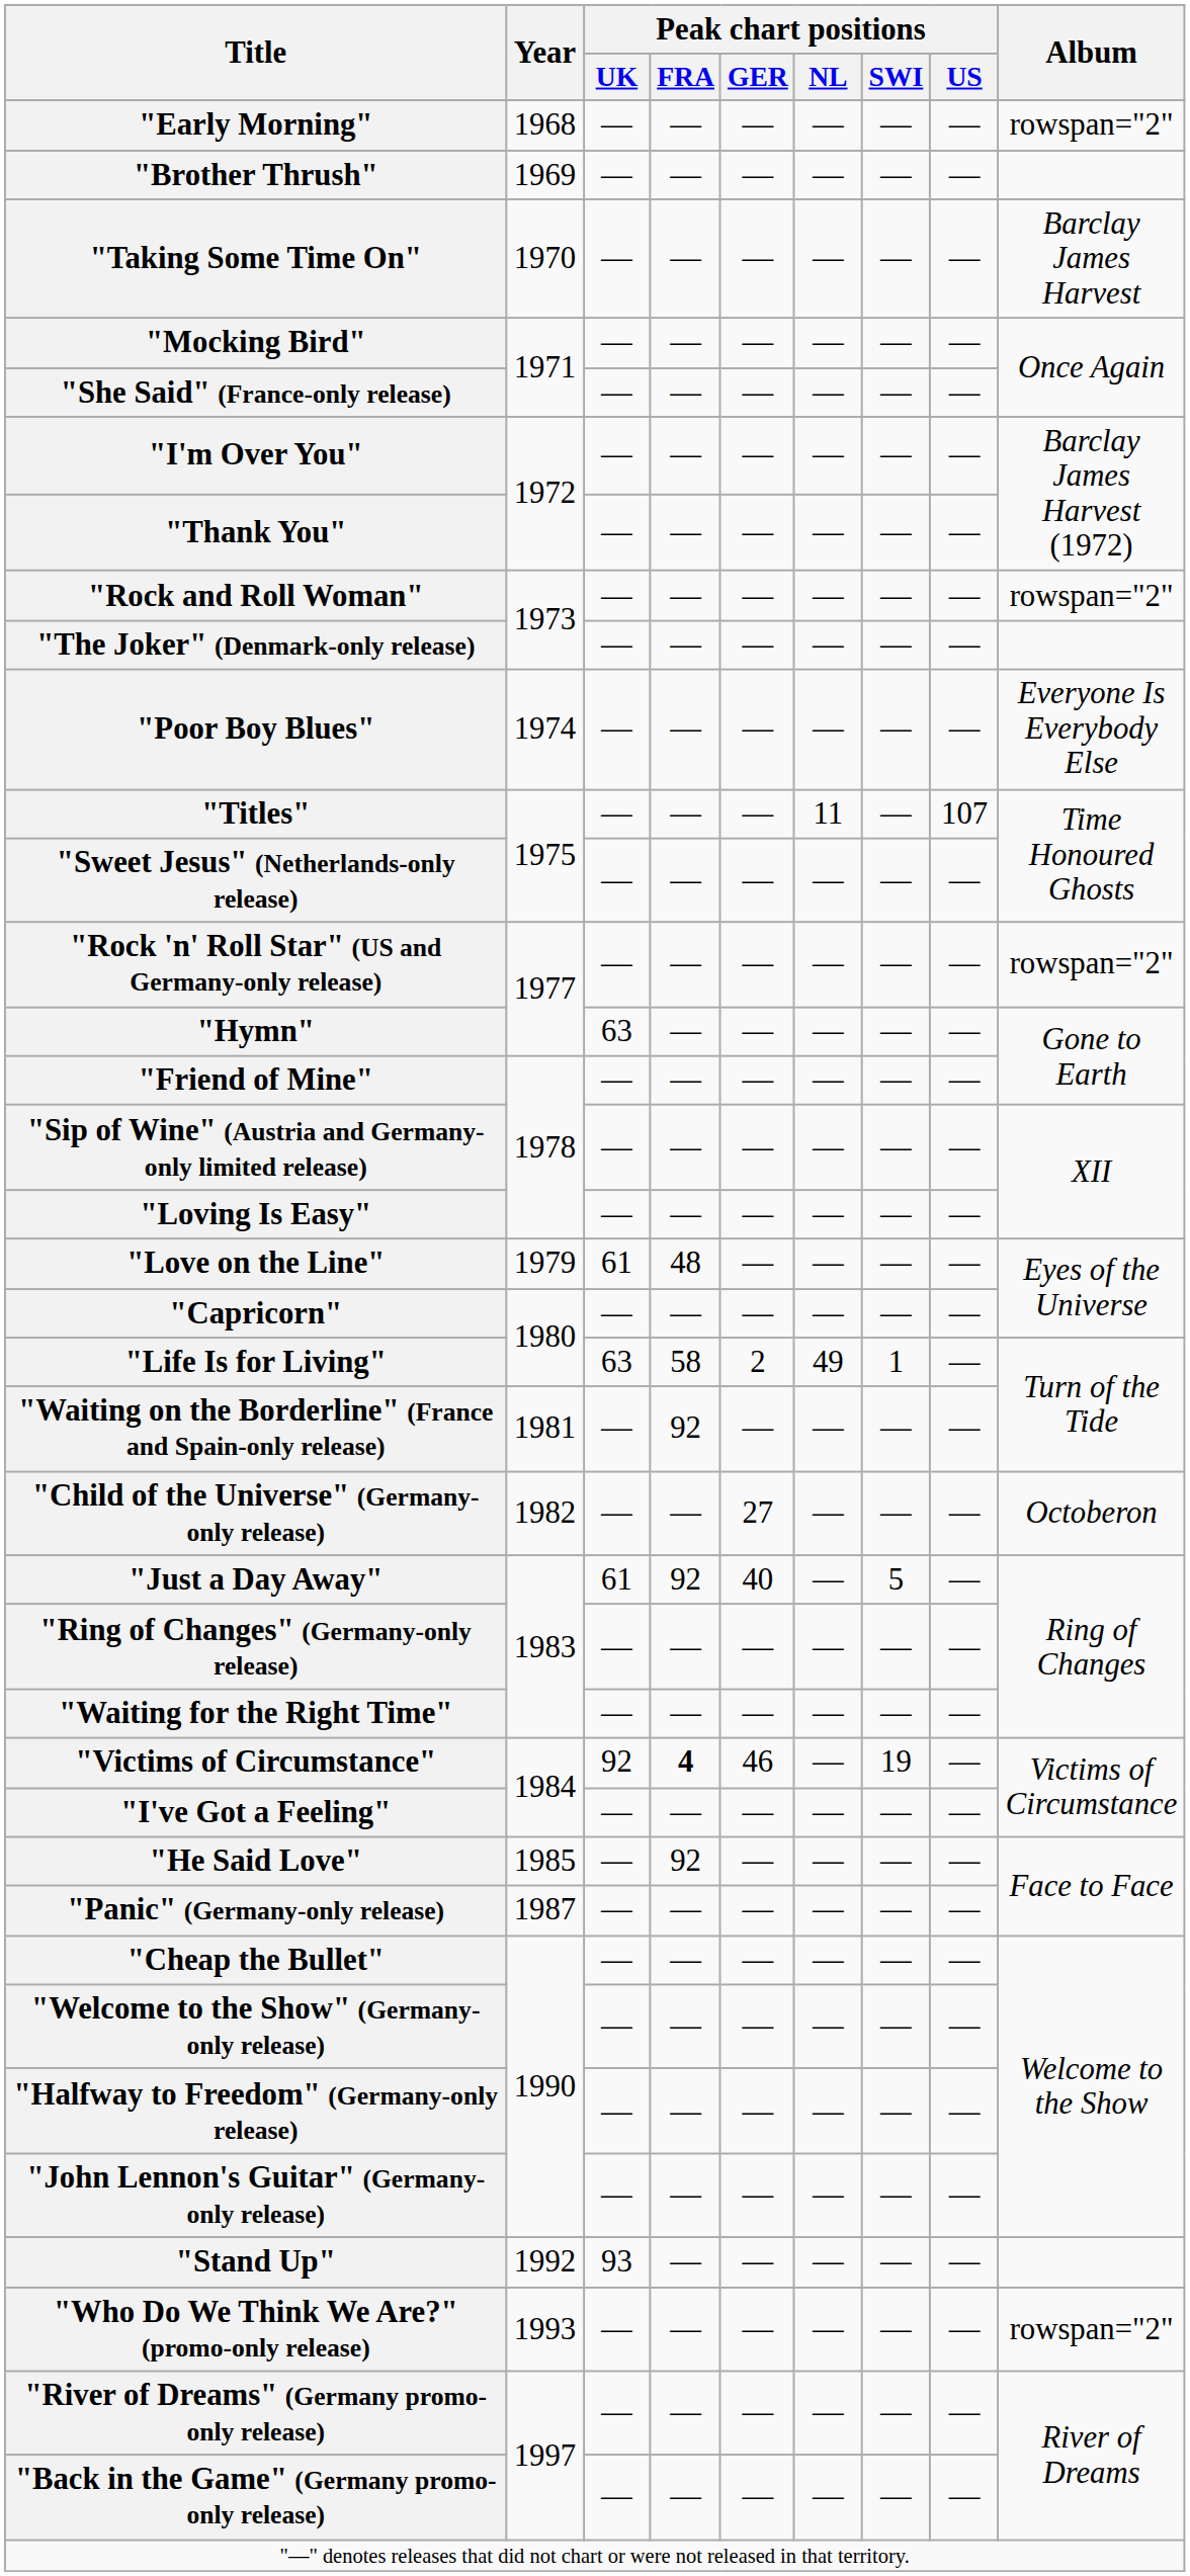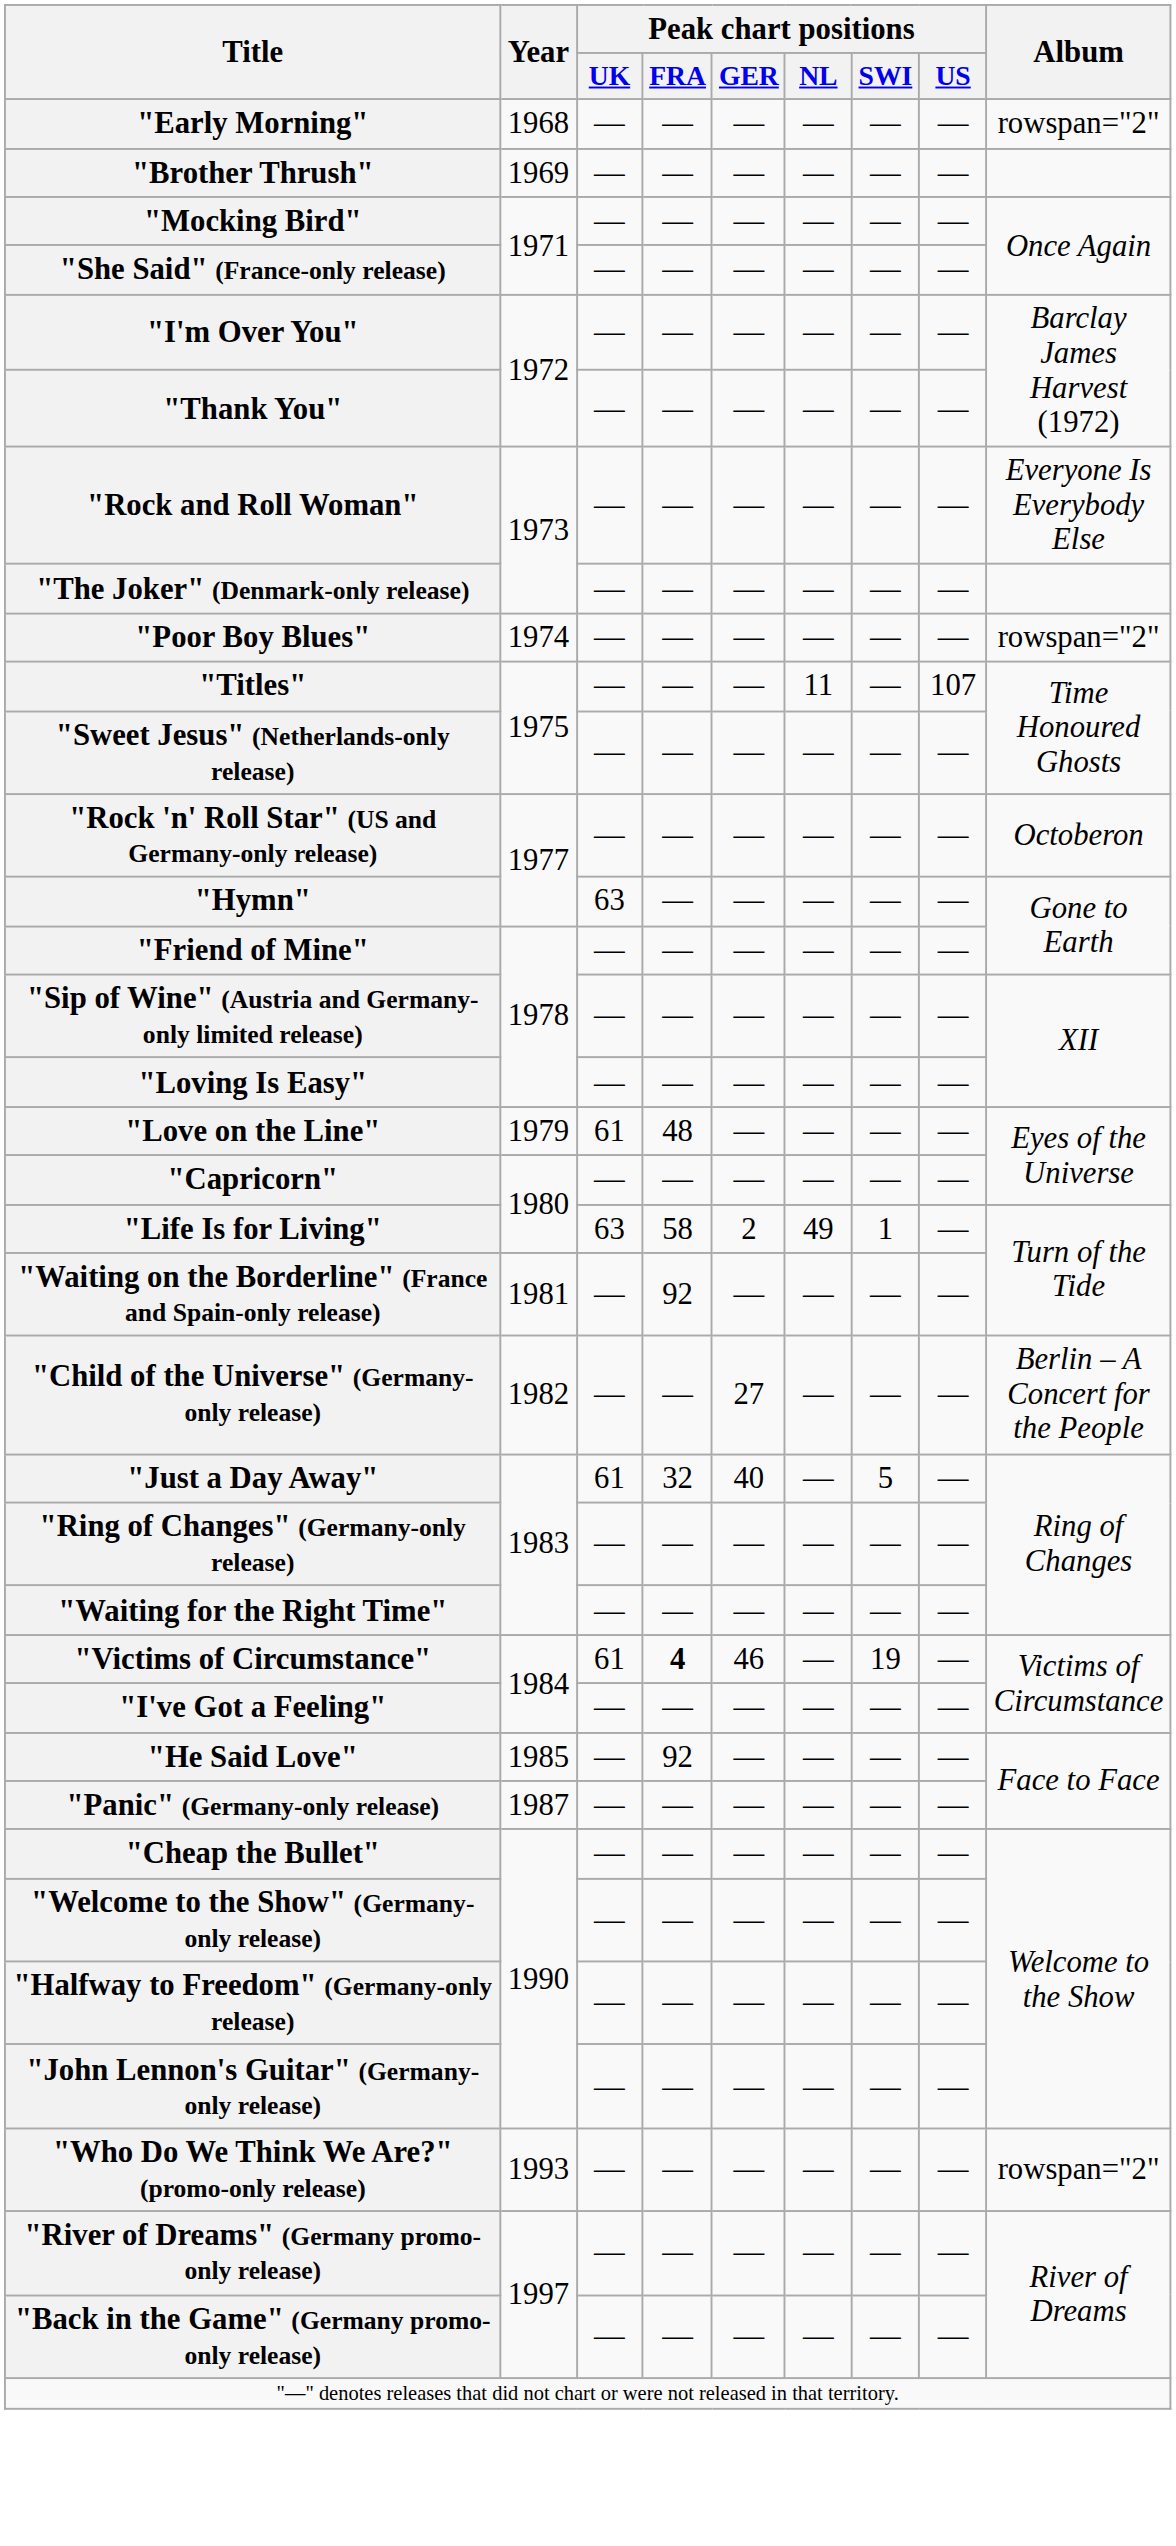 <table class="wikitable plainrowheaders" style="text-align:center;">
 <tr>
 <th rowspan="2" scope="col" style="width:17em;">Title</th>
 <th rowspan="2" scope="col" style="width:2em;">Year</th>
 <th colspan="6">Peak chart positions</th>
 <th rowspan="2">Album</th>
 </tr>
 <tr>
 <th scope="col" style="width:2em;font-size:90%;"><a href='#'>UK</a><br></th>
 <th scope="col" style="width:2em;font-size:90%;"><a href='#'>FRA</a><br></th>
 <th scope="col" style="width:2em;font-size:90%;"><a href='#'>GER</a><br></th>
 <th scope="col" style="width:2em;font-size:90%;"><a href='#'>NL</a><br></th>
 <th scope="col" style="width:2em;font-size:90%;"><a href='#'>SWI</a><br></th>
 <th scope="col" style="width:2em;font-size:90%;"><a href='#'>US</a><br></th>
 </tr>
 <tr>
 <th scope="row">"Early Morning"</th>
 <td>1968</td>
 <td>—</td>
 <td>—</td>
 <td>—</td>
 <td>—</td>
 <td>—</td>
 <td>—</td>
 <td>rowspan="2" </td>
 </tr>
 <tr>
 <th scope="row">"Brother Thrush"</th>
 <td>1969</td>
 <td>—</td>
 <td>—</td>
 <td>—</td>
 <td>—</td>
 <td>—</td>
 <td>—</td>
-</tr>
-<tr>
-<th scope="row">"Taking Some Time On"</th>
-<td>1970</td>
-<td>—</td>
-<td>—</td>
-<td>—</td>
-<td>—</td>
-<td>—</td>
-<td>—</td>
-<td><em>Barclay James Harvest</em></td>
 </tr>
 <tr>
 <th scope="row">"Mocking Bird"</th>
 <td rowspan="2">1971</td>
 <td>—</td>
 <td>—</td>
 <td>—</td>
 <td>—</td>
 <td>—</td>
 <td>—</td>
 <td rowspan="2"><em>Once Again</em></td>
 </tr>
 <tr>
 <th scope="row">"She Said" <small>(France-only release)</small></th>
 <td>—</td>
 <td>—</td>
 <td>—</td>
 <td>—</td>
 <td>—</td>
 <td>—</td>
 </tr>
 <tr>
 <th scope="row">"I'm Over You"</th>
 <td rowspan="2">1972</td>
 <td>—</td>
 <td>—</td>
 <td>—</td>
 <td>—</td>
 <td>—</td>
 <td>—</td>
 <td rowspan="2"><em>Barclay James Harvest</em> (1972)</td>
 </tr>
 <tr>
 <th scope="row">"Thank You"</th>
 <td>—</td>
 <td>—</td>
 <td>—</td>
 <td>—</td>
 <td>—</td>
 <td>—</td>
 </tr>
 <tr>
 <th scope="row">"Rock and Roll Woman"</th>
 <td rowspan="2">1973</td>
 <td>—</td>
 <td>—</td>
 <td>—</td>
 <td>—</td>
 <td>—</td>
 <td>—</td>
-<td>rowspan="2" </td>
+<td><em>Everyone Is Everybody Else</em></td>
 </tr>
 <tr>
 <th scope="row">"The Joker" <small>(Denmark-only release)</small></th>
 <td>—</td>
 <td>—</td>
 <td>—</td>
 <td>—</td>
 <td>—</td>
 <td>—</td>
 </tr>
 <tr>
 <th scope="row">"Poor Boy Blues"</th>
 <td>1974</td>
 <td>—</td>
 <td>—</td>
 <td>—</td>
 <td>—</td>
 <td>—</td>
 <td>—</td>
-<td><em>Everyone Is Everybody Else</em></td>
+<td>rowspan="2" </td>
 </tr>
 <tr>
 <th scope="row">"Titles"</th>
 <td rowspan="2">1975</td>
 <td>—</td>
 <td>—</td>
 <td>—</td>
 <td>11</td>
 <td>—</td>
 <td>107</td>
 <td rowspan="2"><em>Time Honoured Ghosts</em></td>
 </tr>
 <tr>
 <th scope="row">"Sweet Jesus" <small>(Netherlands-only release)</small></th>
 <td>—</td>
 <td>—</td>
 <td>—</td>
 <td>—</td>
 <td>—</td>
 <td>—</td>
 </tr>
 <tr>
 <th scope="row">"Rock 'n' Roll Star" <small>(US and Germany-only release)</small></th>
 <td rowspan="2">1977</td>
 <td>—</td>
 <td>—</td>
 <td>—</td>
 <td>—</td>
 <td>—</td>
 <td>—</td>
-<td>rowspan="2" </td>
+<td><em>Octoberon</em></td>
 </tr>
 <tr>
 <th scope="row">"Hymn"</th>
 <td>63</td>
 <td>—</td>
 <td>—</td>
 <td>—</td>
 <td>—</td>
 <td>—</td>
 <td rowspan="2"><em>Gone to Earth</em></td>
 </tr>
 <tr>
 <th scope="row">"Friend of Mine"</th>
 <td rowspan="3">1978</td>
 <td>—</td>
 <td>—</td>
 <td>—</td>
 <td>—</td>
 <td>—</td>
 <td>—</td>
 </tr>
 <tr>
 <th scope="row">"Sip of Wine" <small>(Austria and Germany-only limited release)</small></th>
 <td>—</td>
 <td>—</td>
 <td>—</td>
 <td>—</td>
 <td>—</td>
 <td>—</td>
 <td rowspan="2"><em>XII</em></td>
 </tr>
 <tr>
 <th scope="row">"Loving Is Easy"</th>
 <td>—</td>
 <td>—</td>
 <td>—</td>
 <td>—</td>
 <td>—</td>
 <td>—</td>
 </tr>
 <tr>
 <th scope="row">"Love on the Line"</th>
 <td>1979</td>
 <td>61</td>
 <td>48</td>
 <td>—</td>
 <td>—</td>
 <td>—</td>
 <td>—</td>
 <td rowspan="2"><em>Eyes of the Universe</em></td>
 </tr>
 <tr>
 <th scope="row">"Capricorn"</th>
 <td rowspan="2">1980</td>
 <td>—</td>
 <td>—</td>
 <td>—</td>
 <td>—</td>
 <td>—</td>
 <td>—</td>
 </tr>
 <tr>
 <th scope="row">"Life Is for Living"</th>
 <td>63</td>
 <td>58</td>
 <td>2</td>
 <td>49</td>
 <td>1</td>
 <td>—</td>
 <td rowspan="2"><em>Turn of the Tide</em></td>
 </tr>
 <tr>
 <th scope="row">"Waiting on the Borderline" <small>(France and Spain-only release)</small></th>
 <td>1981</td>
 <td>—</td>
 <td>92</td>
 <td>—</td>
 <td>—</td>
 <td>—</td>
 <td>—</td>
 </tr>
 <tr>
 <th scope="row">"Child of the Universe" <small>(Germany-only release)</small></th>
 <td>1982</td>
 <td>—</td>
 <td>—</td>
 <td>27</td>
 <td>—</td>
 <td>—</td>
 <td>—</td>
-<td><em>Octoberon</em></td>
+<td><em>Berlin – A Concert for the People</em></td>
 </tr>
 <tr>
 <th scope="row">"Just a Day Away"</th>
 <td rowspan="3">1983</td>
 <td>61</td>
-<td>92</td>
+<td>32</td>
 <td>40</td>
 <td>—</td>
 <td>5</td>
 <td>—</td>
 <td rowspan="3"><em>Ring of Changes</em></td>
 </tr>
 <tr>
 <th scope="row">"Ring of Changes" <small>(Germany-only release)</small></th>
 <td>—</td>
 <td>—</td>
 <td>—</td>
 <td>—</td>
 <td>—</td>
 <td>—</td>
 </tr>
 <tr>
 <th scope="row">"Waiting for the Right Time"</th>
 <td>—</td>
 <td>—</td>
 <td>—</td>
 <td>—</td>
 <td>—</td>
 <td>—</td>
 </tr>
 <tr>
 <th scope="row">"Victims of Circumstance"</th>
 <td rowspan="2">1984</td>
-<td>92</td>
+<td>61</td>
 <td><strong>4</strong></td>
 <td>46</td>
 <td>—</td>
 <td>19</td>
 <td>—</td>
 <td rowspan="2"><em>Victims of Circumstance</em></td>
 </tr>
 <tr>
 <th scope="row">"I've Got a Feeling"</th>
 <td>—</td>
 <td>—</td>
 <td>—</td>
 <td>—</td>
 <td>—</td>
 <td>—</td>
 </tr>
 <tr>
 <th scope="row">"He Said Love"</th>
 <td>1985</td>
 <td>—</td>
 <td>92</td>
 <td>—</td>
 <td>—</td>
 <td>—</td>
 <td>—</td>
 <td rowspan="2"><em>Face to Face</em></td>
 </tr>
 <tr>
 <th scope="row">"Panic" <small>(Germany-only release)</small></th>
 <td>1987</td>
 <td>—</td>
 <td>—</td>
 <td>—</td>
 <td>—</td>
 <td>—</td>
 <td>—</td>
 </tr>
 <tr>
 <th scope="row">"Cheap the Bullet"</th>
 <td rowspan="4">1990</td>
 <td>—</td>
 <td>—</td>
 <td>—</td>
 <td>—</td>
 <td>—</td>
 <td>—</td>
 <td rowspan="4"><em>Welcome to the Show</em></td>
 </tr>
 <tr>
 <th scope="row">"Welcome to the Show" <small>(Germany-only release)</small></th>
 <td>—</td>
 <td>—</td>
 <td>—</td>
 <td>—</td>
 <td>—</td>
 <td>—</td>
 </tr>
 <tr>
 <th scope="row">"Halfway to Freedom" <small>(Germany-only release)</small></th>
 <td>—</td>
 <td>—</td>
 <td>—</td>
 <td>—</td>
 <td>—</td>
 <td>—</td>
 </tr>
 <tr>
 <th scope="row">"John Lennon's Guitar" <small>(Germany-only release)</small></th>
 <td>—</td>
 <td>—</td>
 <td>—</td>
 <td>—</td>
 <td>—</td>
 <td>—</td>
 </tr>
 <tr>
-<th scope="row">"Stand Up"</th>
-<td>1992</td>
-<td>93</td>
-<td>—</td>
-<td>—</td>
-<td>—</td>
-<td>—</td>
-<td>—</td>
-<td></td>
-</tr>
-<tr>
 <th scope="row">"Who Do We Think We Are?" <small>(promo-only release)</small></th>
 <td>1993</td>
 <td>—</td>
 <td>—</td>
 <td>—</td>
 <td>—</td>
 <td>—</td>
 <td>—</td>
 <td>rowspan="2" </td>
 </tr>
 <tr>
 <th scope="row">"River of Dreams" <small>(Germany promo-only release)</small></th>
 <td rowspan="2">1997</td>
 <td>—</td>
 <td>—</td>
 <td>—</td>
 <td>—</td>
 <td>—</td>
 <td>—</td>
 <td rowspan="2"><em>River of Dreams</em></td>
 </tr>
 <tr>
 <th scope="row">"Back in the Game" <small>(Germany promo-only release)</small></th>
 <td>—</td>
 <td>—</td>
 <td>—</td>
 <td>—</td>
 <td>—</td>
 <td>—</td>
 </tr>
 <tr>
 <td colspan="9" style="font-size:8pt">"—" denotes releases that did not chart or were not released in that territory.</td>
 </tr>
 </table>
